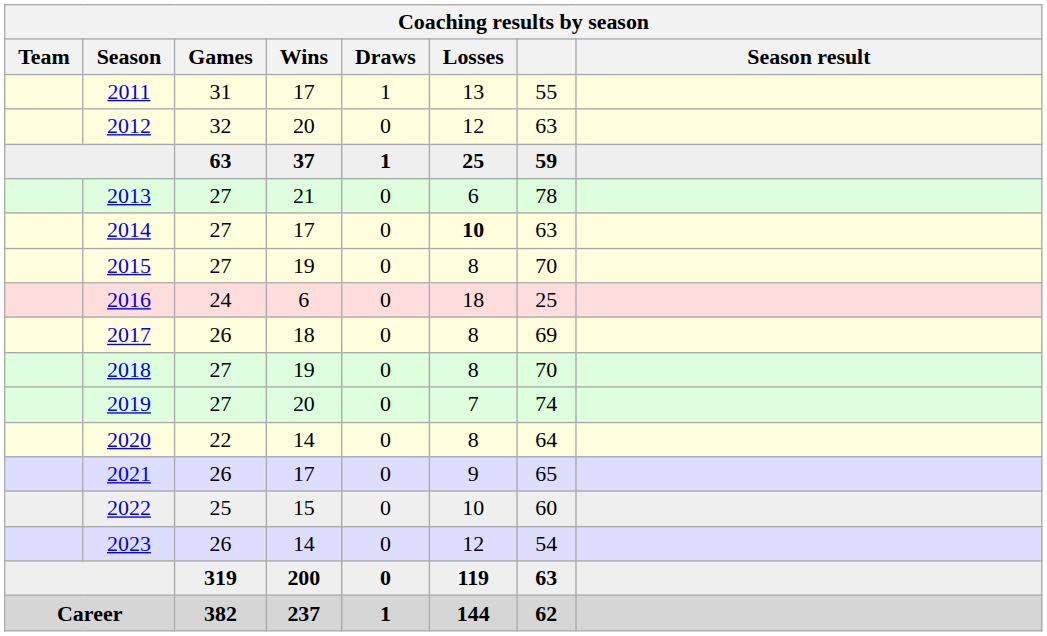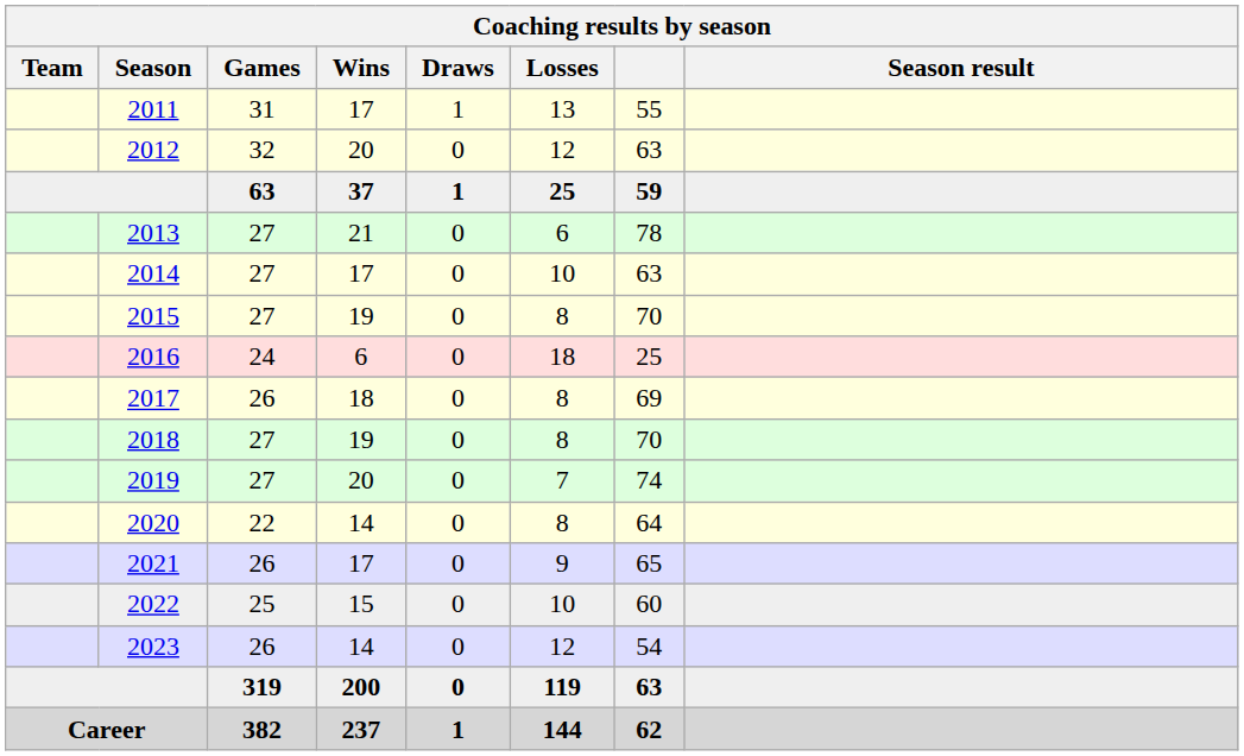 <table class="wikitable" width="60%" style="text-align: center;">
 <tr>
 <th colspan="8"><strong>Coaching results by season</strong></th>
 </tr>
 <tr>
 <th style="width: 4%">Team</th>
 <th style="width: 4%">Season</th>
 <th style="width: 4%">Games</th>
 <th style="width: 4%">Wins</th>
 <th style="width: 4%">Draws</th>
 <th style="width: 4%">Losses</th>
 <th style="width: 4%"></th>
 <th style="width: 32%">Season result</th>
 </tr>
 <tr style="background: #FFFFDD;">
 <td></td>
 <td><a href='#'>2011</a></td>
 <td>31</td>
 <td>17</td>
 <td>1</td>
 <td>13</td>
 <td>55</td>
 <td></td>
 </tr>
 <tr style="background: #FFFFDD;">
 <td></td>
 <td><a href='#'>2012</a></td>
 <td>32</td>
 <td>20</td>
 <td>0</td>
 <td>12</td>
 <td>63</td>
 <td></td>
 </tr>
 <tr style="background: #EFEFEF;">
 <td colspan="2"></td>
 <td><strong>63</strong></td>
 <td><strong>37</strong></td>
 <td><strong>1</strong></td>
 <td><strong>25</strong></td>
 <td><strong>59</strong></td>
 <td></td>
 </tr>
 <tr style="background: #DDFFDD;">
 <td></td>
 <td><a href='#'>2013</a></td>
 <td>27</td>
 <td>21</td>
 <td>0</td>
 <td>6</td>
 <td>78</td>
 <td></td>
 </tr>
 <tr style="background: #FFFFDD;">
 <td></td>
 <td><a href='#'>2014</a></td>
 <td>27</td>
 <td>17</td>
 <td>0</td>
-<td><strong>10</strong></td>
+<td>10</td>
 <td>63</td>
 <td></td>
 </tr>
 <tr style="background: #FFFFDD;">
 <td></td>
 <td><a href='#'>2015</a></td>
 <td>27</td>
 <td>19</td>
 <td>0</td>
 <td>8</td>
 <td>70</td>
 <td></td>
 </tr>
 <tr style="background: #FFDDDD;">
 <td></td>
 <td><a href='#'>2016</a></td>
 <td>24</td>
 <td>6</td>
 <td>0</td>
 <td>18</td>
 <td>25</td>
 <td></td>
 </tr>
 <tr style="background: #FFFFDD;">
 <td></td>
 <td><a href='#'>2017</a></td>
 <td>26</td>
 <td>18</td>
 <td>0</td>
 <td>8</td>
 <td>69</td>
 <td></td>
 </tr>
 <tr style="background: #DDFFDD;">
 <td></td>
 <td><a href='#'>2018</a></td>
 <td>27</td>
 <td>19</td>
 <td>0</td>
 <td>8</td>
 <td>70</td>
 <td></td>
 </tr>
 <tr style="background: #DDFFDD;">
 <td></td>
 <td><a href='#'>2019</a></td>
 <td>27</td>
 <td>20</td>
 <td>0</td>
 <td>7</td>
 <td>74</td>
 <td></td>
 </tr>
 <tr style="background: #FFFFDD;">
 <td></td>
 <td><a href='#'>2020</a></td>
 <td>22</td>
 <td>14</td>
 <td>0</td>
 <td>8</td>
 <td>64</td>
 <td></td>
 </tr>
 <tr style="background: #DDDDFF;">
 <td></td>
 <td><a href='#'>2021</a></td>
 <td>26</td>
 <td>17</td>
 <td>0</td>
 <td>9</td>
 <td>65</td>
 <td></td>
 </tr>
 <tr style="background: #EFEFEF;">
 <td></td>
 <td><a href='#'>2022</a></td>
 <td>25</td>
 <td>15</td>
 <td>0</td>
 <td>10</td>
 <td>60</td>
 <td></td>
 </tr>
 <tr style="background: #DDDDFF;">
 <td></td>
 <td><a href='#'>2023</a></td>
 <td>26</td>
 <td>14</td>
 <td>0</td>
 <td>12</td>
 <td>54</td>
 <td></td>
 </tr>
 <tr style="background: #EFEFEF;">
 <td colspan="2"></td>
 <td><strong>319</strong></td>
 <td><strong>200</strong></td>
 <td><strong>0</strong></td>
 <td><strong>119</strong></td>
 <td><strong>63</strong></td>
 <td></td>
 </tr>
 <tr style="background: #D6D6D6;">
 <td colspan="2"><strong>Career</strong></td>
 <td><strong>382</strong></td>
 <td><strong>237</strong></td>
 <td><strong>1</strong></td>
 <td><strong>144</strong></td>
 <td><strong>62</strong></td>
 <td></td>
 </tr>
 </table>
